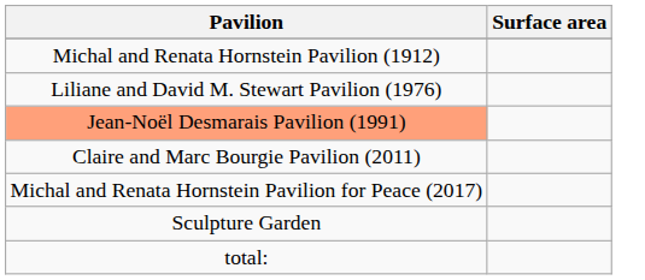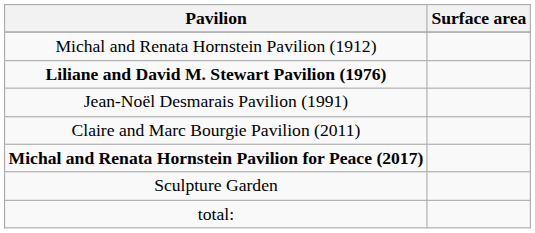 <table class="wikitable" style="text-align:center; border-collapse: collapse">
 <tr ->
 <th>Pavilion</th>
 <th>Surface area</th>
 </tr>
 <tr - style="background:Light Grey">
 </tr>
 <tr ->
 <td>Michal and Renata Hornstein Pavilion (1912)</td>
 <td></td>
 </tr>
 <tr ->
-<td>Liliane and David M. Stewart Pavilion (1976)</td>
+<td><strong>Liliane and David M. Stewart Pavilion (1976)</strong></td>
 <td></td>
 </tr>
 <tr ->
-<td style="background: lightsalmon;">Jean-Noël Desmarais Pavilion (1991)</td>
+<td>Jean-Noël Desmarais Pavilion (1991)</td>
 <td></td>
 </tr>
 <tr ->
 <td>Claire and Marc Bourgie Pavilion (2011)</td>
 <td></td>
 </tr>
 <tr ->
-<td>Michal and Renata Hornstein Pavilion for Peace (2017)</td>
+<td><strong>Michal and Renata Hornstein Pavilion for Peace (2017)</strong></td>
 <td></td>
 </tr>
 <tr ->
 <td>Sculpture Garden</td>
 <td></td>
 </tr>
 <tr ->
 <td>total:</td>
 <td></td>
 </tr>
 </table>
